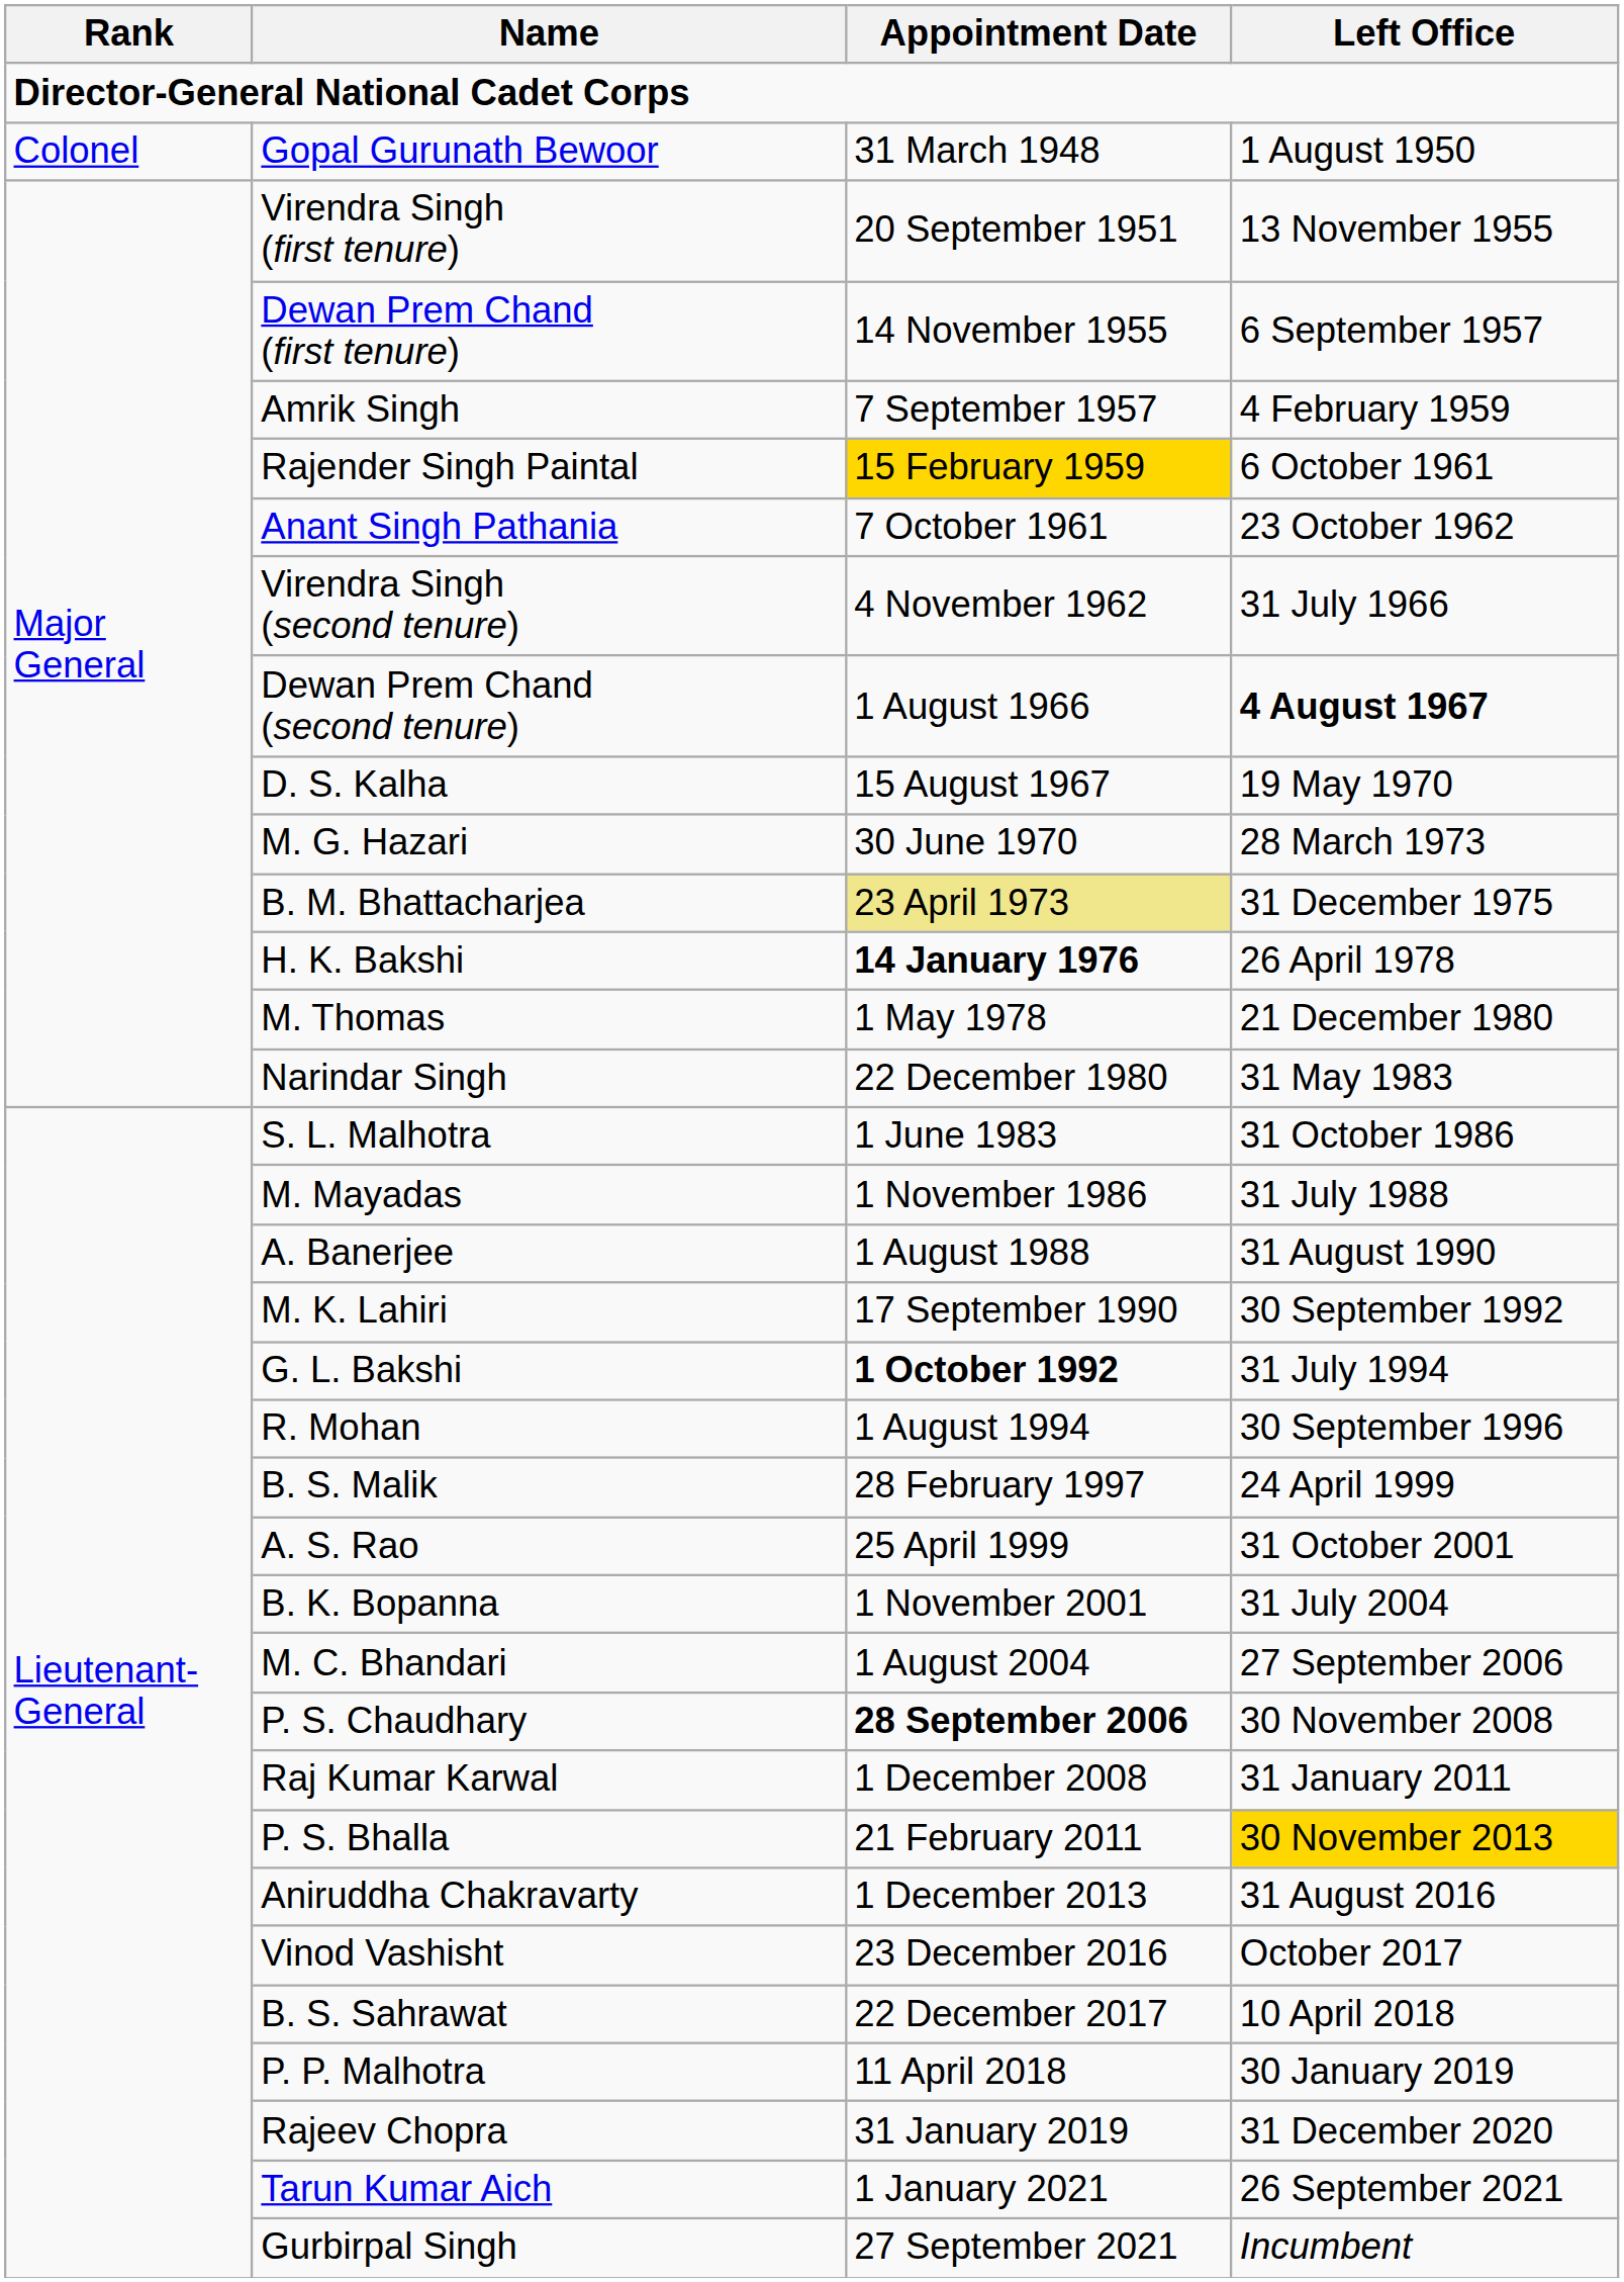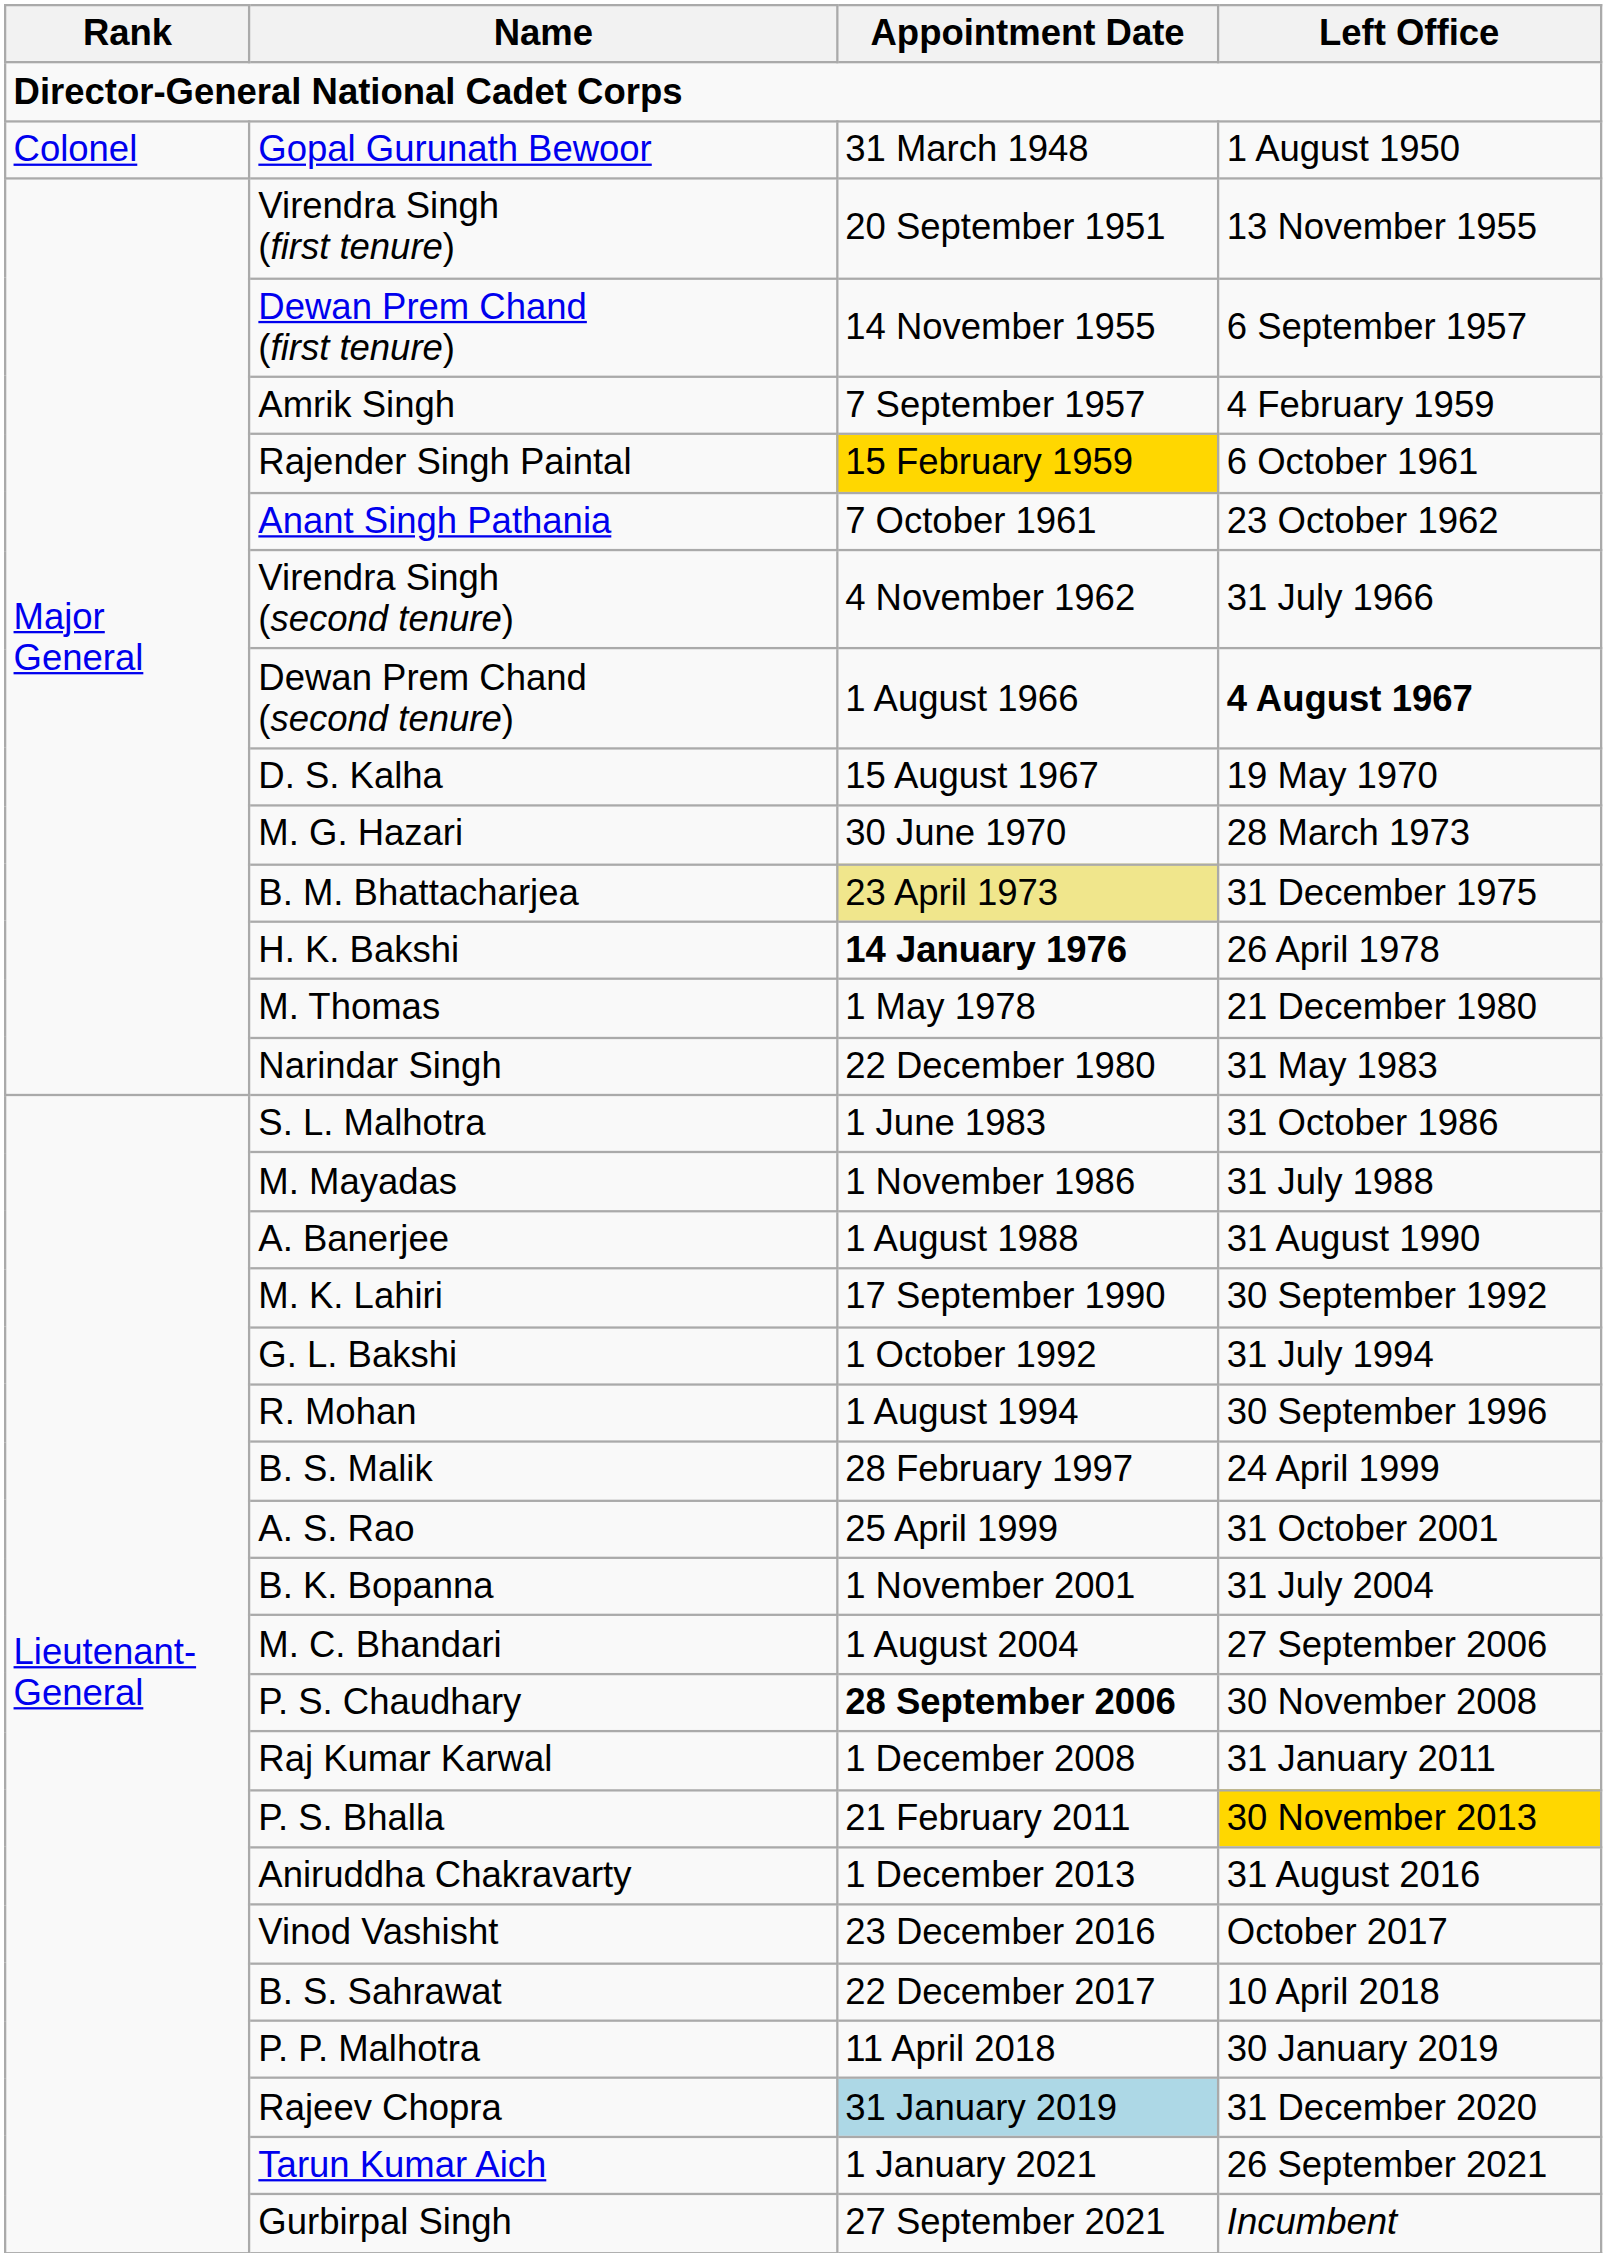 <table class="wikitable" style="text-align:Left">
 <tr>
 <th scope="col" style="width: 100px;">Rank</th>
 <th scope="col" style="width: 250px;">Name</th>
 <th scope="col" style="width: 160px;">Appointment Date</th>
 <th scope="col" style="width: 160px;">Left Office</th>
 </tr>
 <tr>
 <td colspan="6"><strong>Director-General National Cadet Corps</strong></td>
 </tr>
 <tr>
 <td rowspan='1'><a href='#'>Colonel</a></td>
 <td><a href='#'>Gopal Gurunath Bewoor</a></td>
 <td>31 March 1948</td>
 <td>1 August 1950</td>
 </tr>
 <tr>
 <td rowspan='13'><a href='#'>Major General</a></td>
 <td>Virendra Singh<br>(<em>first tenure</em>)</td>
 <td>20 September 1951</td>
 <td>13 November 1955</td>
 </tr>
 <tr>
 <td><a href='#'>Dewan Prem Chand</a><br>(<em>first tenure</em>)</td>
 <td>14 November 1955</td>
 <td>6 September 1957</td>
 </tr>
 <tr>
 <td>Amrik Singh </td>
 <td>7 September 1957</td>
 <td>4 February 1959</td>
 </tr>
 <tr>
 <td>Rajender Singh Paintal</td>
 <td style="background: gold;">15 February 1959</td>
 <td>6 October 1961</td>
 </tr>
 <tr>
 <td><a href='#'>Anant Singh Pathania</a>  </td>
 <td>7 October 1961</td>
 <td>23 October 1962</td>
 </tr>
 <tr>
 <td>Virendra Singh<br>(<em>second tenure</em>)</td>
 <td>4 November 1962</td>
 <td>31 July 1966</td>
 </tr>
 <tr>
 <td>Dewan Prem Chand  <br>(<em>second tenure</em>)</td>
 <td>1 August 1966</td>
 <td><strong>4 August 1967</strong></td>
 </tr>
 <tr>
 <td>D. S. Kalha </td>
 <td>15 August 1967</td>
 <td>19 May 1970</td>
 </tr>
 <tr>
 <td>M. G. Hazari </td>
 <td>30 June 1970</td>
 <td>28 March 1973</td>
 </tr>
 <tr>
 <td>B. M. Bhattacharjea </td>
 <td style="background: khaki;">23 April 1973</td>
 <td>31 December 1975</td>
 </tr>
 <tr>
 <td>H. K. Bakshi</td>
 <td><strong>14 January 1976</strong></td>
 <td>26 April 1978</td>
 </tr>
 <tr>
 <td>M. Thomas </td>
 <td>1 May 1978</td>
 <td>21 December 1980</td>
 </tr>
 <tr>
 <td>Narindar Singh </td>
 <td>22 December 1980</td>
 <td>31 May 1983</td>
 </tr>
 <tr>
 <td rowspan='20'><a href='#'>Lieutenant-General</a></td>
 <td>S. L. Malhotra </td>
 <td>1 June 1983</td>
 <td>31 October 1986</td>
 </tr>
 <tr>
 <td>M. Mayadas </td>
 <td>1 November 1986</td>
 <td>31 July 1988</td>
 </tr>
 <tr>
 <td>A. Banerjee </td>
 <td>1 August 1988</td>
 <td>31 August 1990</td>
 </tr>
 <tr>
 <td>M. K. Lahiri </td>
 <td>17 September 1990</td>
 <td>30 September 1992</td>
 </tr>
 <tr>
 <td>G. L. Bakshi </td>
-<td><strong>1 October 1992</strong></td>
+<td>1 October 1992</td>
 <td>31 July 1994</td>
 </tr>
 <tr>
 <td>R. Mohan </td>
 <td>1 August 1994</td>
 <td>30 September 1996</td>
 </tr>
 <tr>
 <td>B. S. Malik </td>
 <td>28 February 1997</td>
 <td>24 April 1999</td>
 </tr>
 <tr>
 <td>A. S. Rao </td>
 <td>25 April 1999</td>
 <td>31 October 2001</td>
 </tr>
 <tr>
 <td>B. K. Bopanna </td>
 <td>1 November 2001</td>
 <td>31 July 2004</td>
 </tr>
 <tr>
 <td>M. C. Bhandari </td>
 <td>1 August 2004</td>
 <td>27 September 2006</td>
 </tr>
 <tr>
 <td>P. S. Chaudhary </td>
 <td><strong>28 September 2006</strong></td>
 <td>30 November 2008</td>
 </tr>
 <tr>
 <td>Raj Kumar Karwal </td>
 <td>1 December 2008</td>
 <td>31 January 2011</td>
 </tr>
 <tr>
 <td>P. S. Bhalla </td>
 <td>21 February 2011</td>
 <td style="background: gold;">30 November 2013</td>
 </tr>
 <tr>
 <td>Aniruddha Chakravarty </td>
 <td>1 December 2013</td>
 <td>31 August 2016</td>
 </tr>
 <tr>
 <td>Vinod Vashisht </td>
 <td>23 December 2016</td>
 <td>October 2017</td>
 </tr>
 <tr>
 <td>B. S. Sahrawat </td>
 <td>22 December 2017</td>
 <td>10 April 2018</td>
 </tr>
 <tr>
 <td>P. P. Malhotra </td>
 <td>11 April 2018</td>
 <td>30 January 2019</td>
 </tr>
 <tr>
 <td>Rajeev Chopra </td>
-<td>31 January 2019</td>
+<td style="background: lightblue;">31 January 2019</td>
 <td>31 December 2020</td>
 </tr>
 <tr>
 <td><a href='#'>Tarun Kumar Aich</a> </td>
 <td>1 January 2021</td>
 <td>26 September 2021</td>
 </tr>
 <tr>
 <td>Gurbirpal Singh </td>
 <td>27 September 2021 </td>
 <td><em>Incumbent</em></td>
 </tr>
 </table>
